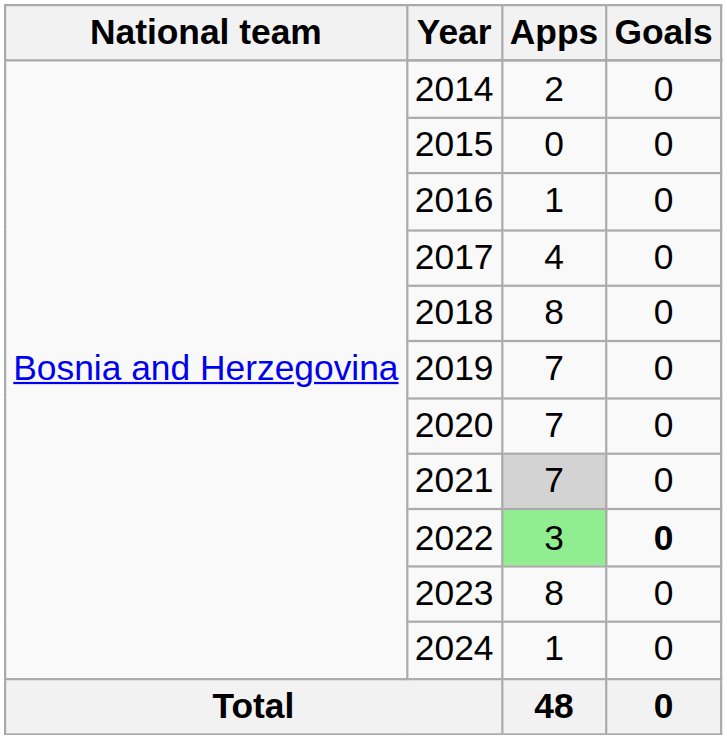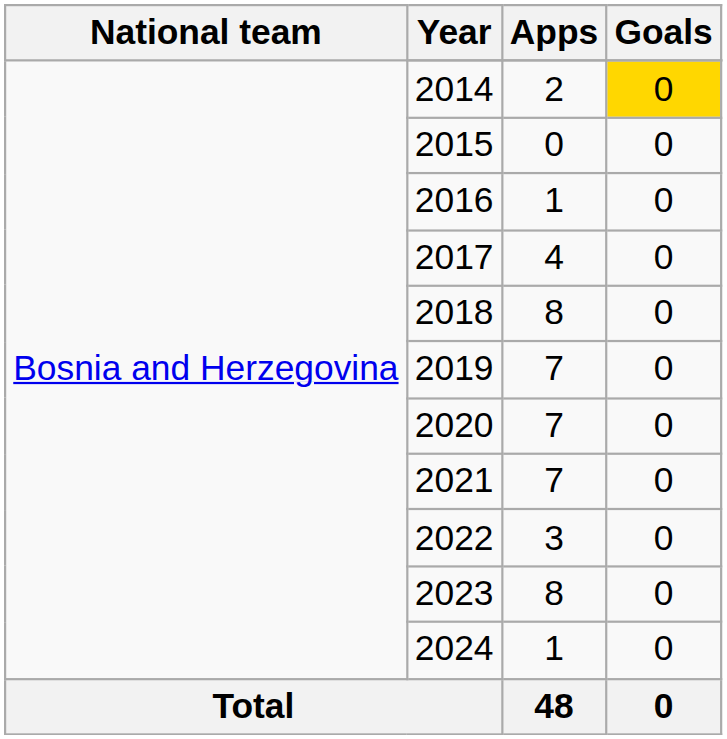 <table class="wikitable" style="text-align:center">
 <tr>
 <th>National team</th>
 <th>Year</th>
 <th>Apps</th>
 <th>Goals</th>
 </tr>
 <tr>
 <td rowspan=12><a href='#'>Bosnia and Herzegovina</a></td>
 </tr>
 <tr>
 <td>2014</td>
 <td>2</td>
-<td>0</td>
+<td style="background: gold;">0</td>
 </tr>
 <tr>
 <td>2015</td>
 <td>0</td>
 <td>0</td>
 </tr>
 <tr>
 <td>2016</td>
 <td>1</td>
 <td>0</td>
 </tr>
 <tr>
 <td>2017</td>
 <td>4</td>
 <td>0</td>
 </tr>
 <tr>
 <td>2018</td>
 <td>8</td>
 <td>0</td>
 </tr>
 <tr>
 <td>2019</td>
 <td>7</td>
 <td>0</td>
 </tr>
 <tr>
 <td>2020</td>
 <td>7</td>
 <td>0</td>
 </tr>
 <tr>
 <td>2021</td>
-<td style="background: lightgrey;">7</td>
+<td>7</td>
 <td>0</td>
 </tr>
 <tr>
 <td>2022</td>
-<td style="background: lightgreen;">3</td>
-<td><strong>0</strong></td>
+<td>3</td>
+<td>0</td>
 </tr>
 <tr>
 <td>2023</td>
 <td>8</td>
 <td>0</td>
 </tr>
 <tr>
 <td>2024</td>
 <td>1</td>
 <td>0</td>
 </tr>
 <tr>
 <th colspan=2>Total</th>
 <th>48</th>
 <th>0</th>
 </tr>
 </table>
